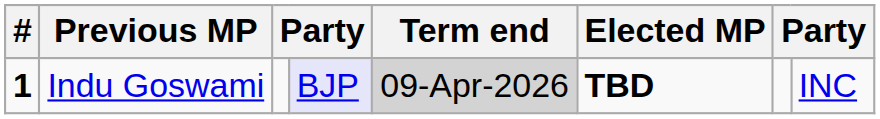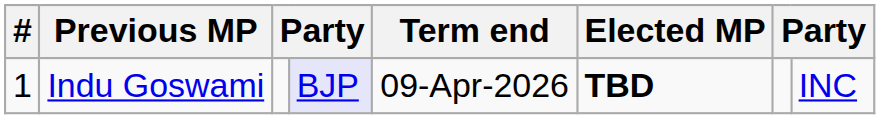 <table class="wikitable sortable">
 <tr>
 <th>#</th>
 <th>Previous MP</th>
 <th colspan="2">Party</th>
 <th>Term end</th>
 <th>Elected MP</th>
 <th colspan="2">Party</th>
 </tr>
 <tr>
-<td><strong>1</strong></td>
+<td>1</td>
 <td><a href='#'>Indu Goswami</a></td>
 <td></td>
 <td style="background: lavender;"><a href='#'>BJP</a></td>
-<td style="background: lightgrey;">09-Apr-2026</td>
+<td>09-Apr-2026</td>
 <td><strong>TBD</strong></td>
 <td></td>
 <td><a href='#'>INC</a></td>
 </tr>
 </table>
